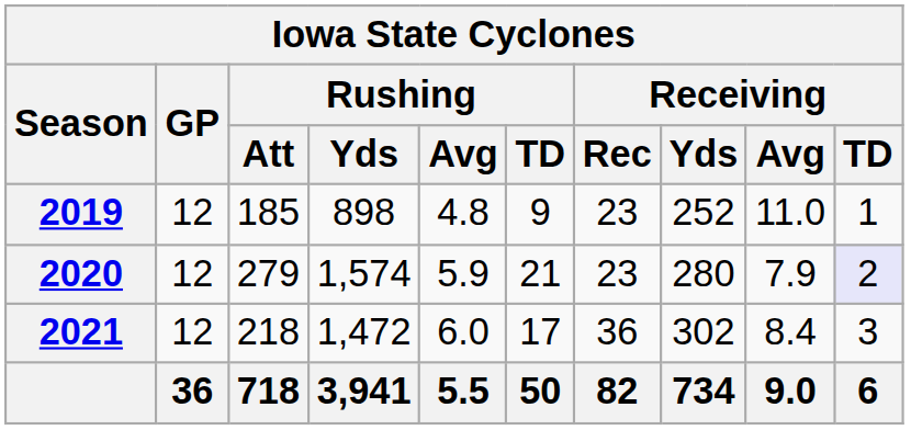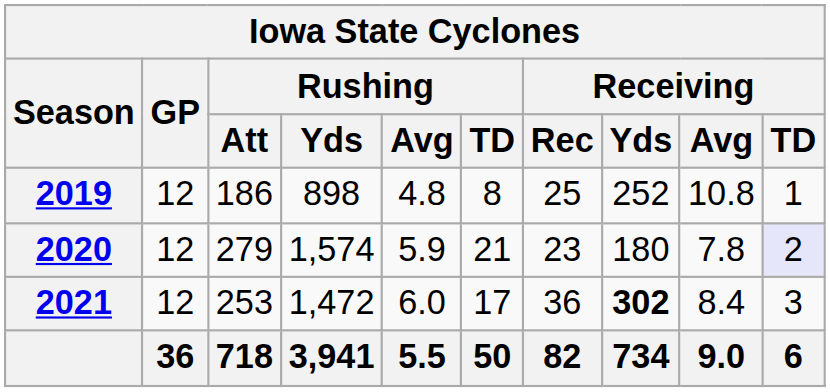 <table class="wikitable" style="text-align: center;">
 <tr>
 <th colspan="10">Iowa State Cyclones</th>
 </tr>
 <tr>
 <th rowspan="2">Season</th>
 <th rowspan="2">GP</th>
 <th colspan="4">Rushing</th>
 <th colspan="4">Receiving</th>
 </tr>
 <tr>
 <th>Att</th>
 <th>Yds</th>
 <th>Avg</th>
 <th>TD</th>
 <th>Rec</th>
 <th>Yds</th>
 <th>Avg</th>
 <th>TD</th>
 </tr>
 <tr>
 <th><a href='#'>2019</a></th>
 <td>12</td>
-<td>185</td>
+<td>186</td>
 <td>898</td>
 <td>4.8</td>
-<td>9</td>
-<td>23</td>
+<td>8</td>
+<td>25</td>
 <td>252</td>
-<td>11.0</td>
+<td>10.8</td>
 <td>1</td>
 </tr>
 <tr>
 <th><a href='#'>2020</a></th>
 <td>12</td>
 <td>279</td>
 <td>1,574</td>
 <td>5.9</td>
 <td>21</td>
 <td>23</td>
-<td>280</td>
-<td>7.9</td>
+<td>180</td>
+<td>7.8</td>
 <td style="background: lavender;">2</td>
 </tr>
 <tr>
 <th><a href='#'>2021</a></th>
 <td>12</td>
-<td>218</td>
+<td>253</td>
 <td>1,472</td>
 <td>6.0</td>
 <td>17</td>
 <td>36</td>
-<td>302</td>
+<td><strong>302</strong></td>
 <td>8.4</td>
 <td>3</td>
 </tr>
 <tr>
 <th></th>
 <th>36</th>
 <th>718</th>
 <th>3,941</th>
 <th>5.5</th>
 <th>50</th>
 <th>82</th>
 <th>734</th>
 <th>9.0</th>
 <th>6</th>
 </tr>
 </table>
